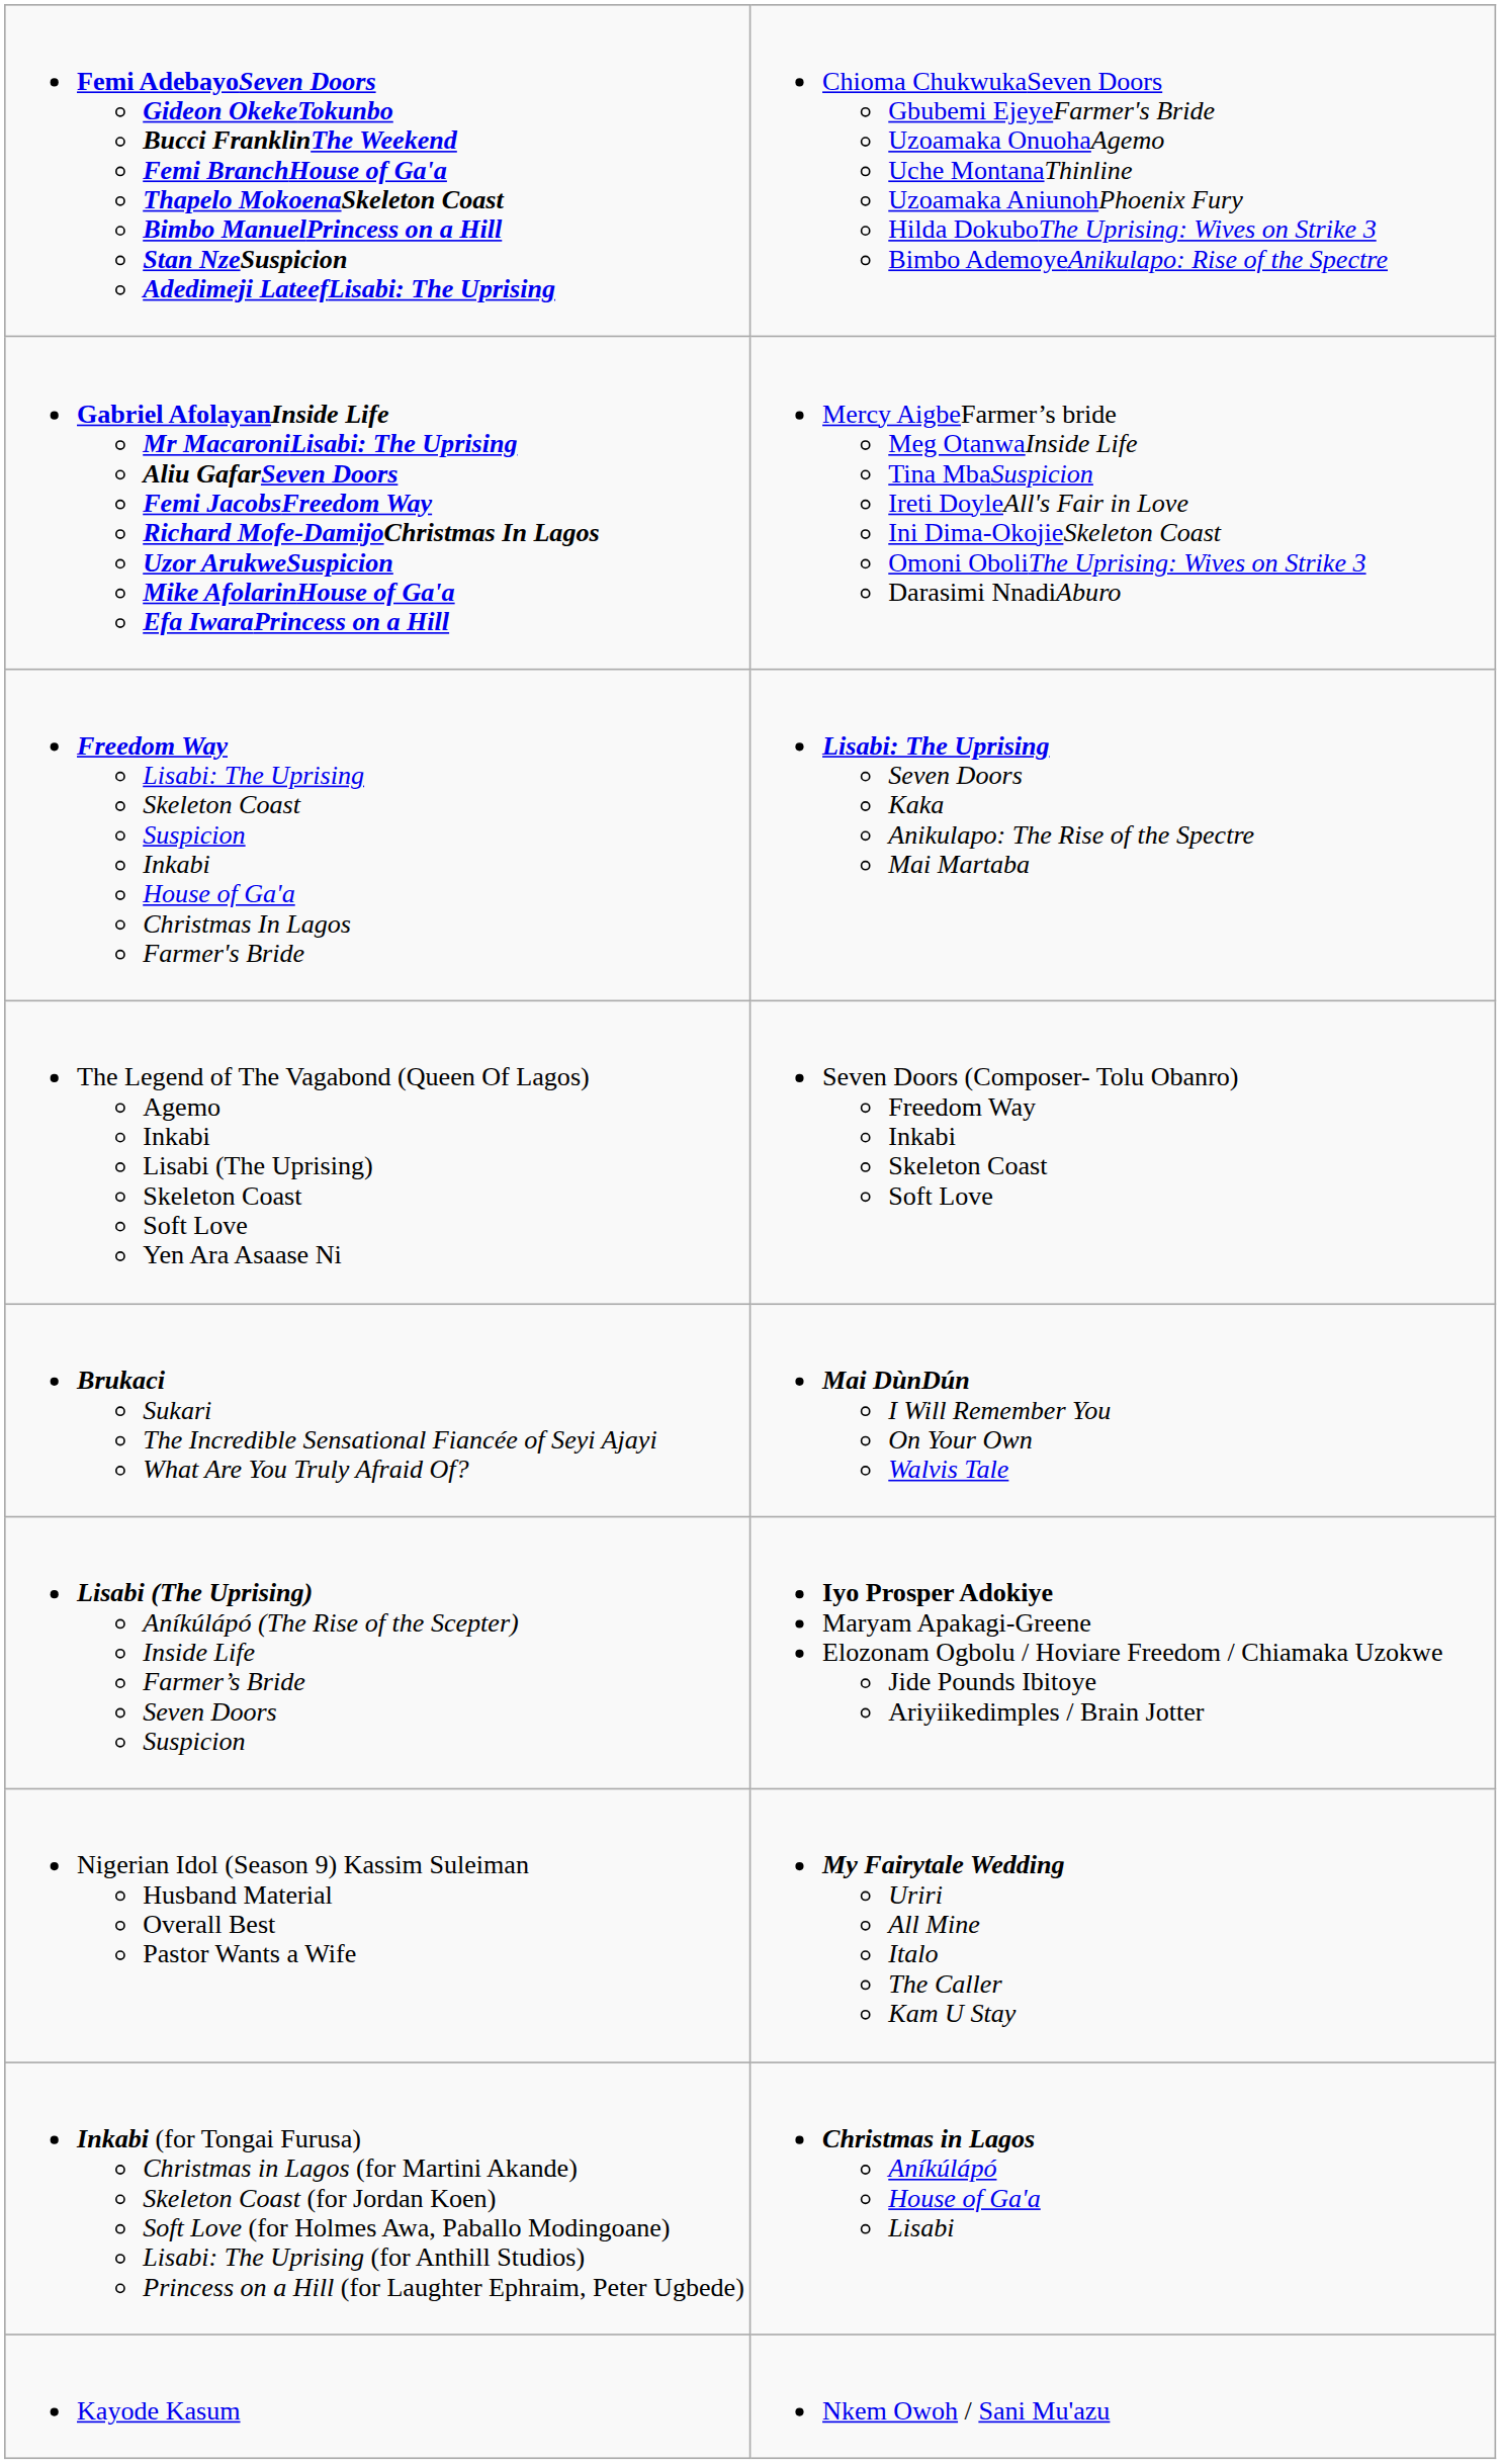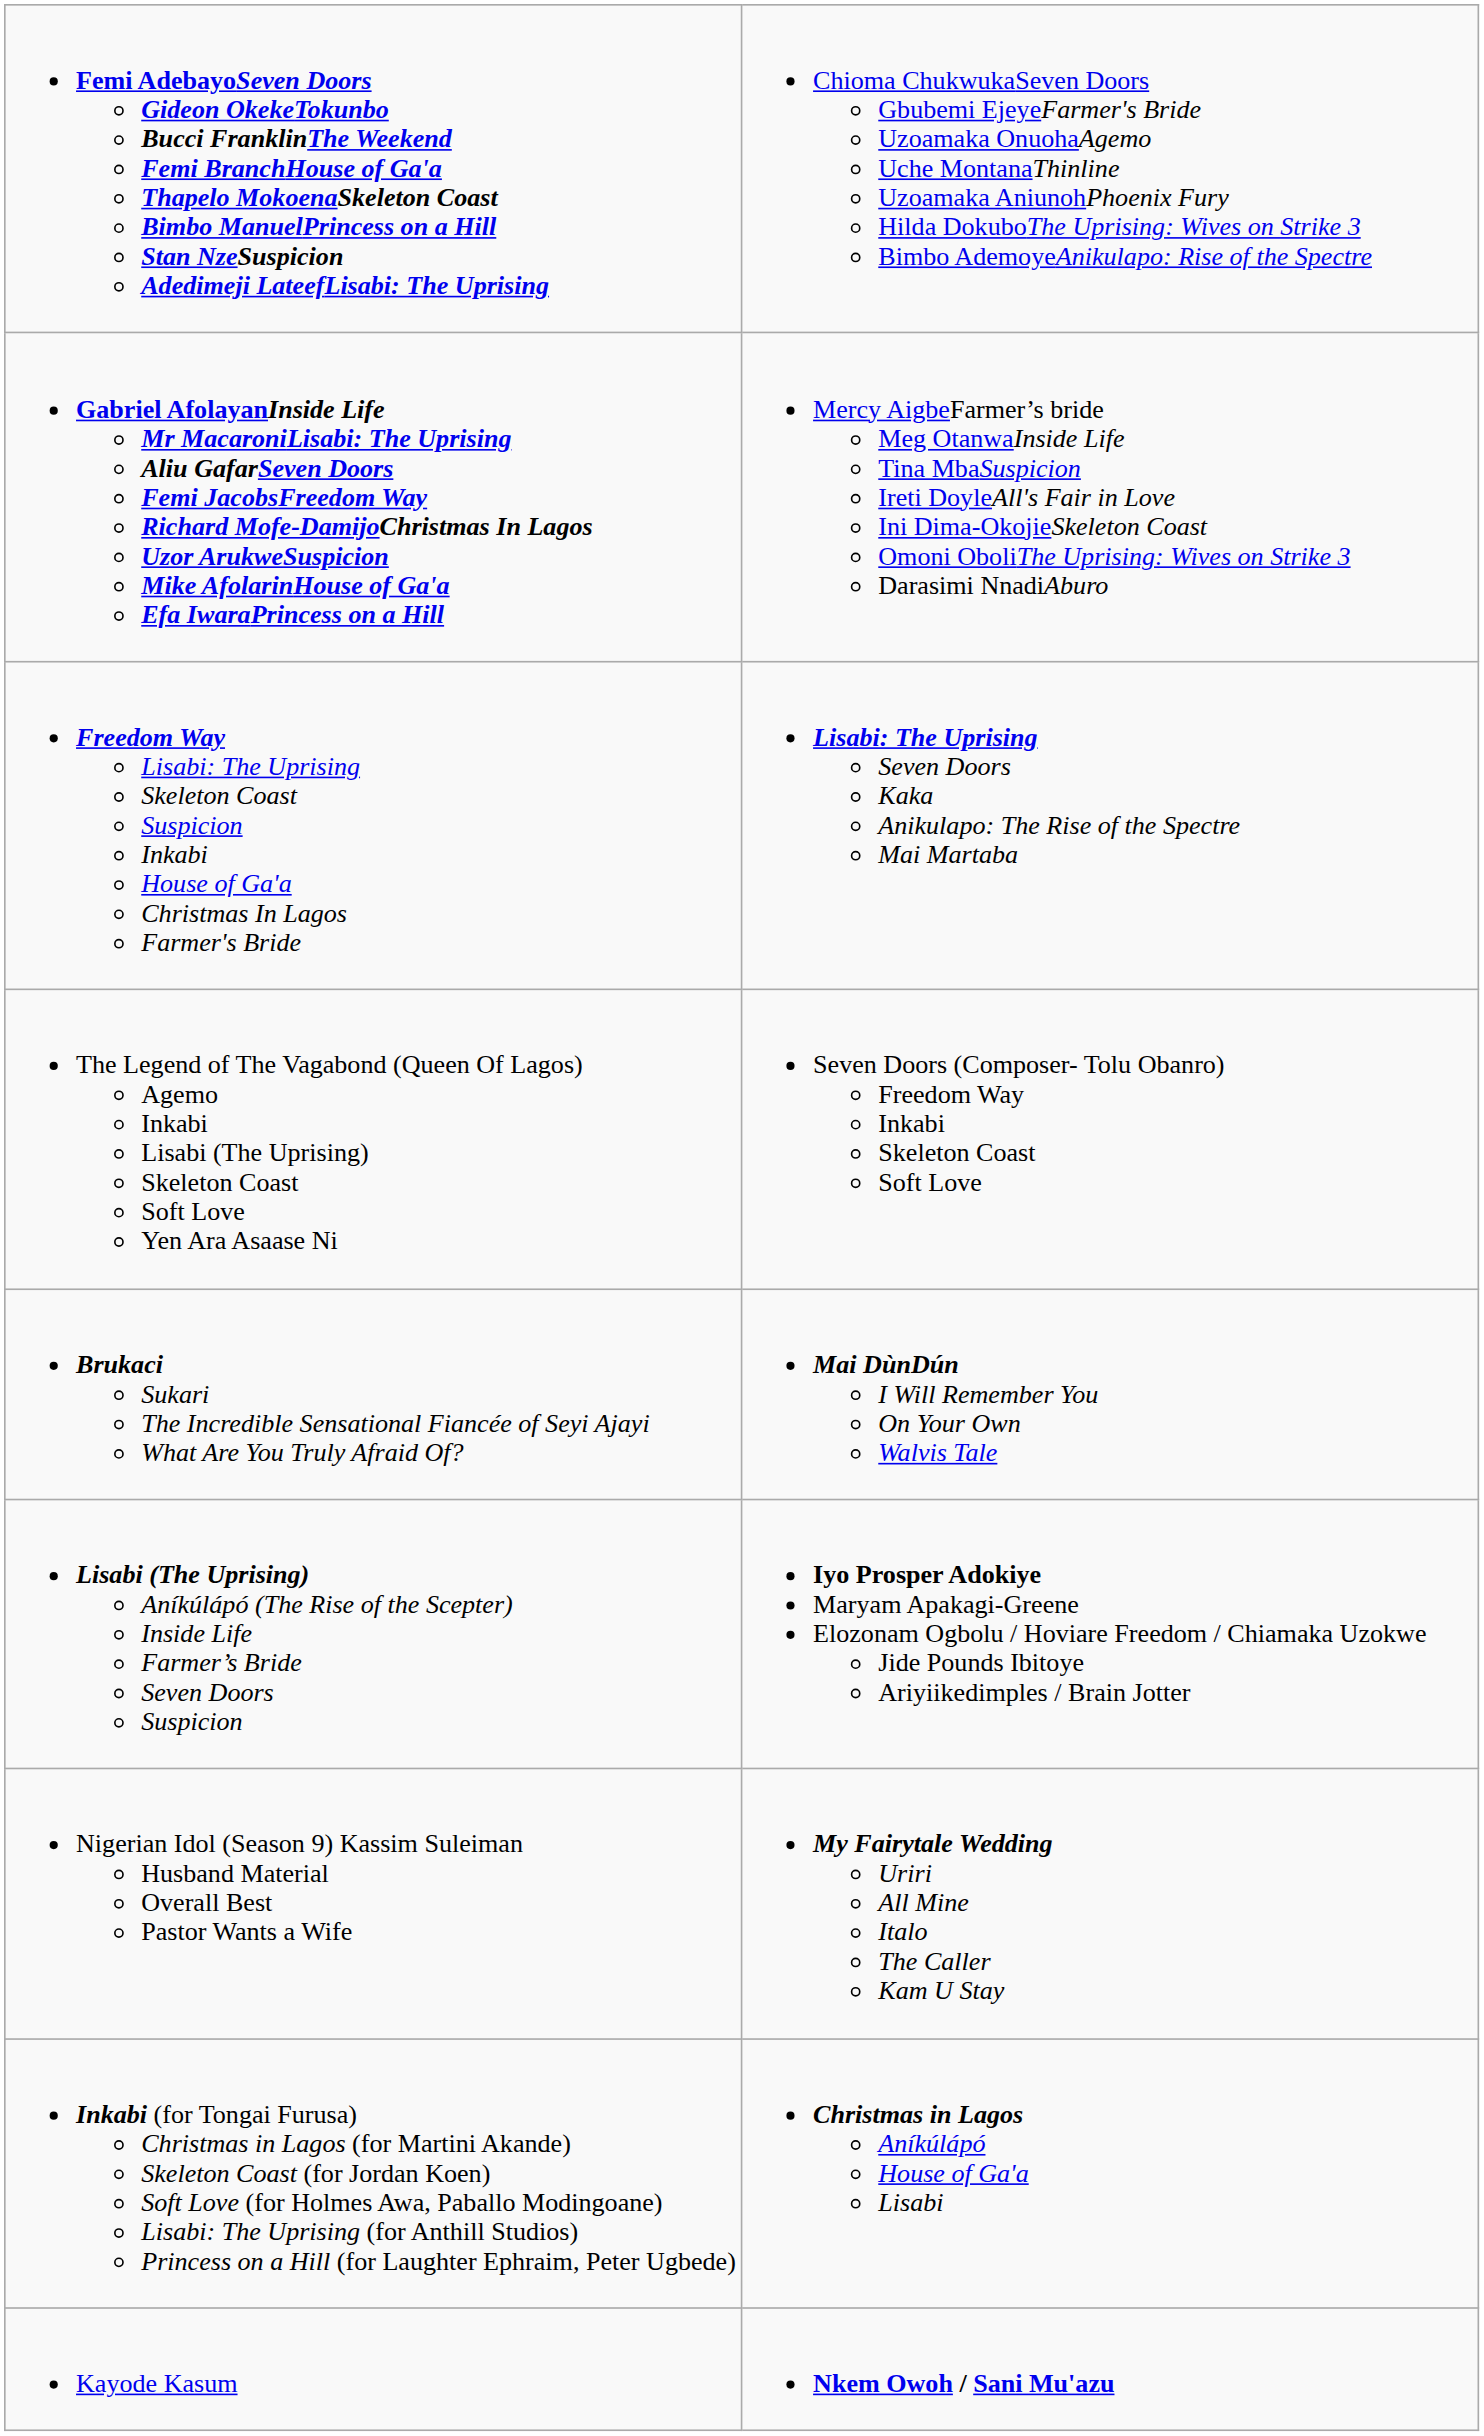 <table role="presentation" class=wikitable>
 <tr>
 <td style="vertical-align:top; width:50%;"><br><ul><li><strong><a href='#'>Femi Adebayo</a><em><a href='#'>Seven Doors</a><strong><em> <ul><li><a href='#'>Gideon Okeke</a></em><a href='#'>Tokunbo</a><em></li><li>Bucci Franklin</em><a href='#'>The Weekend</a><em></li><li><a href='#'>Femi Branch</a></em><a href='#'>House of Ga'a</a><em></li><li><a href='#'>Thapelo Mokoena</a></em>Skeleton Coast<em></li><li><a href='#'>Bimbo Manuel</a></em><a href='#'>Princess on a Hill</a><em></li><li><a href='#'>Stan Nze</a></em>Suspicion<em></li><li><a href='#'>Adedimeji Lateef</a></em><a href='#'>Lisabi: The Uprising</a><em></li></ul></li></ul></td>
 <td style="vertical-align:top; width:50%;"><br><ul><li></strong><a href='#'>Chioma Chukwuka</a></em><a href='#'>Seven Doors</a></em></strong> <ul><li><a href='#'>Gbubemi Ejeye</a><em>Farmer's Bride</em></li><li><a href='#'>Uzoamaka Onuoha</a><em>Agemo</em></li><li><a href='#'>Uche Montana</a><em>Thinline</em></li><li><a href='#'>Uzoamaka Aniunoh</a><em>Phoenix Fury</em></li><li><a href='#'>Hilda Dokubo</a><em><a href='#'>The Uprising: Wives on Strike 3</a></em></li><li><a href='#'>Bimbo Ademoye</a><em><a href='#'>Anikulapo: Rise of the Spectre</a></em></li></ul></li></ul></td>
 </tr>
 <tr>
 <td style="vertical-align:top; width:50%;"><br><ul><li><strong><a href='#'>Gabriel Afolayan</a><em>Inside Life<strong><em> <ul><li><a href='#'>Mr Macaroni</a></em><a href='#'>Lisabi: The Uprising</a><em></li><li>Aliu Gafar</em><a href='#'>Seven Doors</a><em></li><li><a href='#'>Femi Jacobs</a></em><a href='#'>Freedom Way</a><em></li><li><a href='#'>Richard Mofe-Damijo</a></em>Christmas In Lagos<em></li><li><a href='#'>Uzor Arukwe</a></em><a href='#'>Suspicion</a><em></li><li><a href='#'>Mike Afolarin</a></em><a href='#'>House of Ga'a</a><em></li><li><a href='#'>Efa Iwara</a></em><a href='#'>Princess on a Hill</a><em></li></ul></li></ul></td>
 <td style="vertical-align:top; width:50%;"><br><ul><li></strong><a href='#'>Mercy Aigbe</a></em>Farmer’s bride</em></strong> <ul><li><a href='#'>Meg Otanwa</a><em>Inside Life</em></li><li><a href='#'>Tina Mba</a><em><a href='#'>Suspicion</a></em></li><li><a href='#'>Ireti Doyle</a><em>All's Fair in Love</em></li><li><a href='#'>Ini Dima-Okojie</a><em>Skeleton Coast</em></li><li><a href='#'>Omoni Oboli</a><em><a href='#'>The Uprising: Wives on Strike 3</a></em></li><li>Darasimi Nnadi<em>Aburo</em></li></ul></li></ul></td>
 </tr>
 <tr>
 <td style="vertical-align:top; width:50%;"><br><ul><li><strong><em><a href='#'>Freedom Way</a></em></strong> <ul><li><em><a href='#'>Lisabi: The Uprising</a></em></li><li><em>Skeleton Coast</em></li><li><em><a href='#'>Suspicion</a></em></li><li><em>Inkabi</em></li><li><em><a href='#'>House of Ga'a</a></em></li><li><em>Christmas In Lagos</em></li><li><em>Farmer's Bride</em></li></ul></li></ul></td>
 <td style="vertical-align:top; width:50%;"><br><ul><li><strong><em><a href='#'>Lisabi: The Uprising</a></em></strong> <ul><li><em>Seven Doors</em></li><li><em>Kaka</em></li><li><em>Anikulapo: The Rise of the Spectre</em></li><li><em>Mai Martaba</em></li></ul></li></ul></td>
 </tr>
 <tr>
 <td style="vertical-align:top; width:50%;"><br><ul><li>The Legend of The Vagabond (Queen Of Lagos) <ul><li>Agemo</li><li>Inkabi</li><li>Lisabi (The Uprising)</li><li>Skeleton Coast</li><li>Soft Love</li><li>Yen Ara Asaase Ni</li></ul></li></ul></td>
 <td style="vertical-align:top; width:50%;"><br><ul><li>Seven Doors (Composer- Tolu Obanro) <ul><li>Freedom Way</li><li>Inkabi</li><li>Skeleton Coast</li><li>Soft Love</li></ul></li></ul></td>
 </tr>
 <tr>
 <td style="vertical-align:top; width:50%;"><br><ul><li><strong><em>Brukaci</em></strong> <ul><li><em>Sukari</em></li><li><em>The Incredible Sensational Fiancée of Seyi Ajayi</em></li><li><em>What Are You Truly Afraid Of?</em></li></ul></li></ul></td>
 <td style="vertical-align:top; width:50%;"><br><ul><li><strong><em>Mai DùnDún</em></strong> <ul><li><em>I Will Remember You</em></li><li><em>On Your Own</em></li><li><em><a href='#'>Walvis Tale</a></em></li></ul></li></ul></td>
 </tr>
 <tr>
 <td style="vertical-align:top; width:50%;"><br><ul><li><strong><em>Lisabi (The Uprising)</em></strong> <ul><li><em>Aníkúlápó (The Rise of the Scepter)</em></li><li><em>Inside Life</em></li><li><em>Farmer’s Bride</em></li><li><em>Seven Doors</em></li><li><em>Suspicion</em></li></ul></li></ul></td>
 <td style="vertical-align:top; width:50%;"><br><ul><li><strong>Iyo Prosper Adokiye</strong> </li><li>Maryam Apakagi-Greene</li><li>Elozonam Ogbolu / Hoviare Freedom / Chiamaka Uzokwe<ul><li>Jide Pounds Ibitoye</li><li>Ariyiikedimples / Brain Jotter</li></ul></li></ul></td>
 </tr>
 <tr>
 <td style="vertical-align:top; width:50%;"><br><ul><li>Nigerian Idol (Season 9) Kassim Suleiman <ul><li>Husband Material</li><li>Overall Best</li><li>Pastor Wants a Wife</li></ul></li></ul></td>
 <td style="vertical-align:top; width:50%;"><br><ul><li><strong><em>My Fairytale Wedding</em></strong> <ul><li><em>Uriri</em></li><li><em>All Mine</em></li><li><em>Italo</em></li><li><em>The Caller</em></li><li><em>Kam U Stay</em></li></ul></li></ul></td>
 </tr>
 <tr>
 <td style="vertical-align:top; width:50%;"><br><ul><li><strong><em>Inkabi</em></strong> (for Tongai Furusa) <ul><li><em>Christmas in Lagos</em> (for Martini Akande)</li><li><em>Skeleton Coast</em> (for Jordan Koen)</li><li><em>Soft Love</em> (for Holmes Awa, Paballo Modingoane)</li><li><em>Lisabi: The Uprising</em> (for Anthill Studios)</li><li><em>Princess on a Hill</em> (for Laughter Ephraim, Peter Ugbede)</li></ul></li></ul></td>
 <td style="vertical-align:top; width:50%;"><br><ul><li><strong><em>Christmas in Lagos</em></strong> <ul><li><em><a href='#'>Aníkúlápó</a></em></li><li><em><a href='#'>House of Ga'a</a></em></li><li><em>Lisabi</em></li></ul></li></ul></td>
 </tr>
 <tr>
 <td style="vertical-align:top; width:50%;"><br><ul><li><a href='#'>Kayode Kasum</a> </li></ul></td>
-<td style="vertical-align:top; width:50%;"><br><ul><li><a href='#'>Nkem Owoh</a> / <a href='#'>Sani Mu'azu</a> </li></ul></td>
+<td style="vertical-align:top; width:50%;"><strong><br><ul><li><a href='#'>Nkem Owoh</a> / <a href='#'>Sani Mu'azu</a> </li></ul></strong></td>
 </tr>
 </table>
